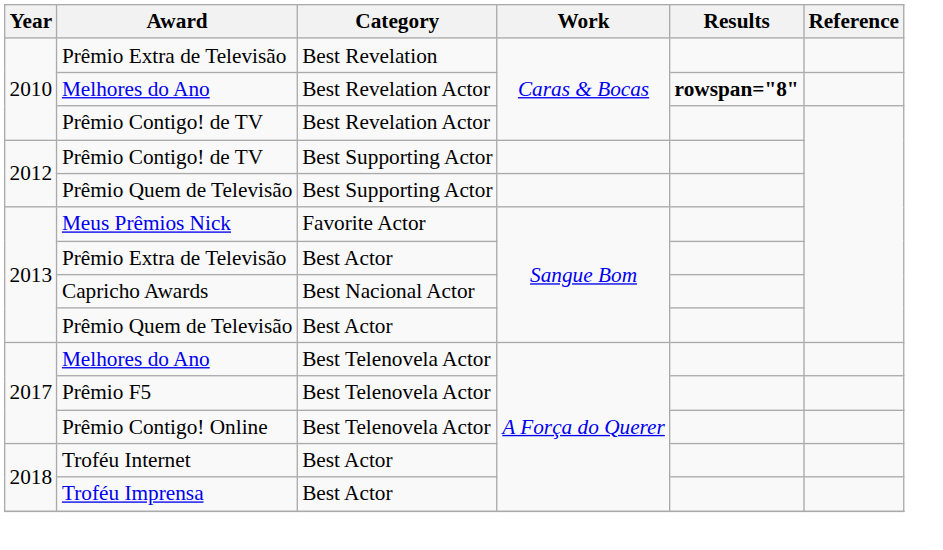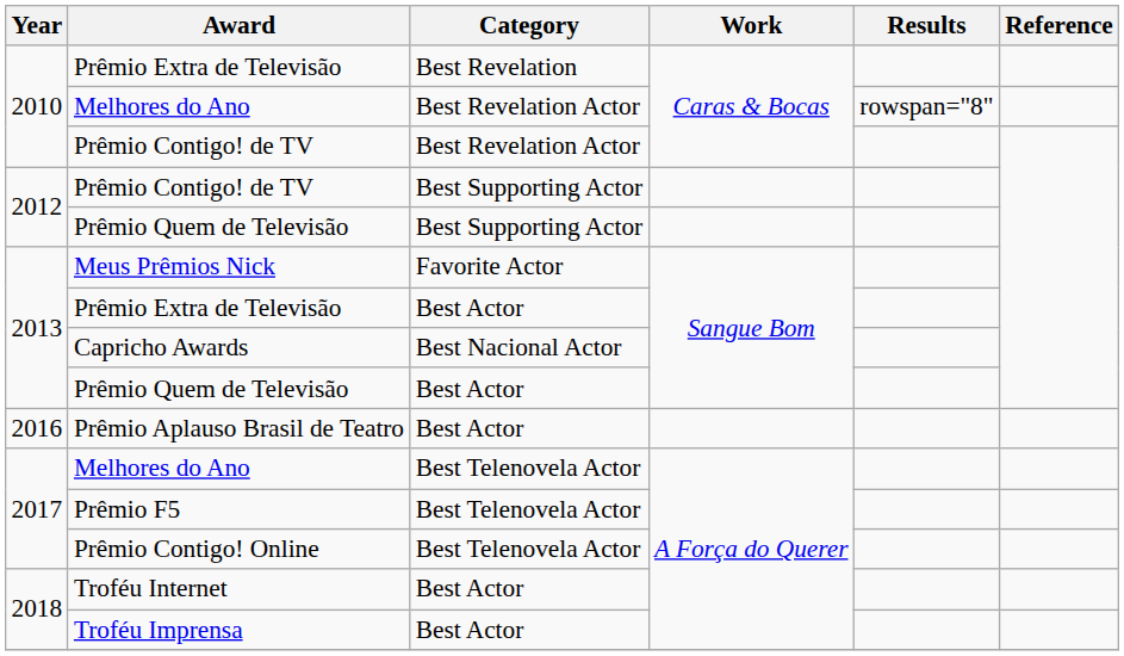 <table class="wikitable">
 <tr>
 <th>Year</th>
 <th>Award</th>
 <th>Category</th>
 <th>Work</th>
 <th>Results</th>
 <th>Reference</th>
 </tr>
 <tr>
 <td rowspan=3>2010</td>
 <td>Prêmio Extra de Televisão</td>
 <td>Best Revelation</td>
 <td rowspan=3 style="text-align:center;"><em><a href='#'>Caras & Bocas</a></em></td>
 <td></td>
 <td></td>
 </tr>
 <tr>
 <td><a href='#'>Melhores do Ano</a></td>
 <td>Best Revelation Actor</td>
-<td><strong>rowspan="8" </strong></td>
+<td>rowspan="8" </td>
 <td></td>
 </tr>
 <tr>
 <td>Prêmio Contigo! de TV</td>
 <td>Best Revelation Actor</td>
 <td></td>
 </tr>
 <tr>
 <td rowspan=2>2012</td>
 <td>Prêmio Contigo! de TV</td>
 <td>Best Supporting Actor</td>
 <td></td>
 <td></td>
 </tr>
 <tr>
 <td>Prêmio Quem de Televisão</td>
 <td>Best Supporting Actor</td>
 <td></td>
 <td></td>
 </tr>
 <tr>
 <td rowspan=4>2013</td>
 <td><a href='#'>Meus Prêmios Nick</a></td>
 <td>Favorite Actor</td>
 <td rowspan=4 style="text-align:center;"><em><a href='#'>Sangue Bom</a></em></td>
 <td></td>
 </tr>
 <tr>
 <td>Prêmio Extra de Televisão</td>
 <td>Best Actor</td>
 <td></td>
 </tr>
 <tr>
 <td>Capricho Awards</td>
 <td>Best Nacional Actor</td>
 <td></td>
 </tr>
 <tr>
 <td>Prêmio Quem de Televisão</td>
 <td>Best Actor</td>
 <td></td>
 </tr>
 <tr>
+<td>2016</td>
+<td>Prêmio Aplauso Brasil de Teatro</td>
+<td>Best Actor</td>
+<td></td>
+<td></td>
+<td></td>
+</tr>
+<tr>
 <td rowspan="3">2017</td>
 <td><a href='#'>Melhores do Ano</a></td>
 <td>Best Telenovela Actor</td>
 <td rowspan="5" style="text-align:center;"><em><a href='#'>A Força do Querer</a></em></td>
 <td></td>
 <td></td>
 </tr>
 <tr>
 <td>Prêmio F5</td>
 <td>Best Telenovela Actor</td>
 <td></td>
 <td></td>
 </tr>
 <tr>
 <td>Prêmio Contigo! Online</td>
 <td>Best Telenovela Actor</td>
 <td></td>
 <td></td>
 </tr>
 <tr>
 <td rowspan="2">2018</td>
 <td>Troféu Internet</td>
 <td>Best Actor</td>
 <td></td>
 <td></td>
 </tr>
 <tr>
 <td><a href='#'>Troféu Imprensa</a></td>
 <td>Best Actor</td>
 <td></td>
 <td></td>
 </tr>
 <tr>
 </tr>
 </table>
